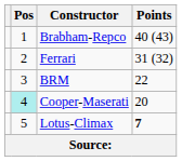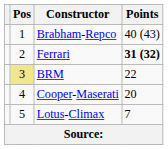 <table class="wikitable" style="font-size: 95%;">
 <tr>
 <th></th>
 <th>Pos</th>
 <th>Constructor</th>
 <th>Points</th>
 </tr>
 <tr>
 <td align="left"></td>
 <td align="center">1</td>
 <td> <a href='#'>Brabham</a>-<a href='#'>Repco</a></td>
 <td align="left">40 (43)</td>
 </tr>
 <tr>
 <td align="left"></td>
 <td align="center">2</td>
 <td> <a href='#'>Ferrari</a></td>
-<td align="left">31 (32)</td>
+<td align="left"><strong>31 (32)</strong></td>
 </tr>
 <tr>
 <td align="left"></td>
-<td align="center">3</td>
+<td align="center" style="background: khaki;">3</td>
 <td> <a href='#'>BRM</a></td>
 <td align="left">22</td>
 </tr>
 <tr>
 <td align="left"></td>
-<td align="center" style="background: paleturquoise;">4</td>
+<td align="center">4</td>
 <td> <a href='#'>Cooper</a>-<a href='#'>Maserati</a></td>
 <td align="left">20</td>
 </tr>
 <tr>
 <td align="left"></td>
 <td align="center">5</td>
 <td> <a href='#'>Lotus</a>-<a href='#'>Climax</a></td>
-<td align="left"><strong>7</strong></td>
+<td align="left">7</td>
 </tr>
 <tr>
 <th colspan=4>Source: </th>
 </tr>
 </table>
